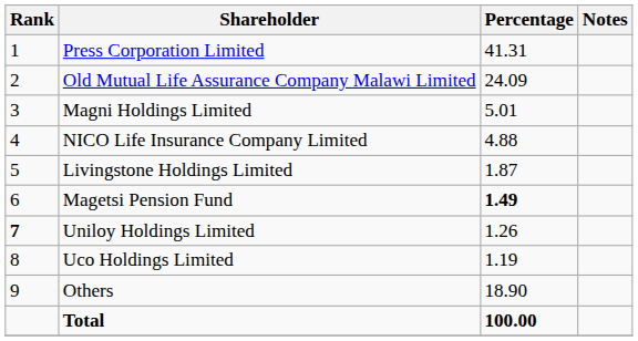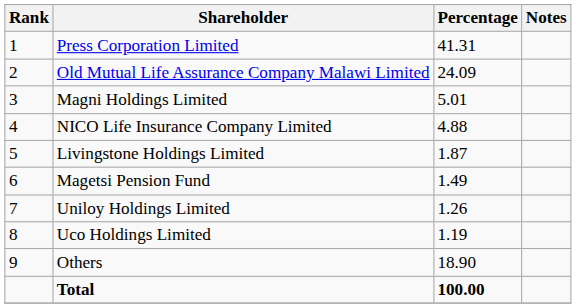 <table class="wikitable sortable" style="margin: 0.5em auto">
 <tr>
 <th>Rank</th>
 <th>Shareholder</th>
 <th>Percentage</th>
 <th>Notes</th>
 </tr>
 <tr>
 <td>1</td>
 <td><a href='#'>Press Corporation Limited</a></td>
 <td>41.31</td>
 <td></td>
 </tr>
 <tr>
 <td>2</td>
 <td><a href='#'>Old Mutual Life Assurance Company Malawi Limited</a></td>
 <td>24.09</td>
 <td></td>
 </tr>
 <tr>
 <td>3</td>
 <td>Magni Holdings Limited</td>
 <td>5.01</td>
 <td></td>
 </tr>
 <tr>
 <td>4</td>
 <td>NICO Life Insurance Company Limited</td>
 <td>4.88</td>
 <td></td>
 </tr>
 <tr>
 <td>5</td>
 <td>Livingstone Holdings Limited</td>
 <td>1.87</td>
 <td></td>
 </tr>
 <tr>
 <td>6</td>
 <td>Magetsi Pension Fund</td>
-<td><strong>1.49</strong></td>
+<td>1.49</td>
 <td></td>
 </tr>
 <tr>
-<td><strong>7</strong></td>
+<td>7</td>
 <td>Uniloy Holdings Limited</td>
 <td>1.26</td>
 <td></td>
 </tr>
 <tr>
 <td>8</td>
 <td>Uco Holdings Limited</td>
 <td>1.19</td>
 <td></td>
 </tr>
 <tr>
 <td>9</td>
 <td>Others</td>
 <td>18.90</td>
 <td></td>
 </tr>
 <tr>
 <td></td>
 <td><strong>Total</strong></td>
 <td><strong>100.00</strong></td>
 <td></td>
 </tr>
 <tr>
 </tr>
 </table>
